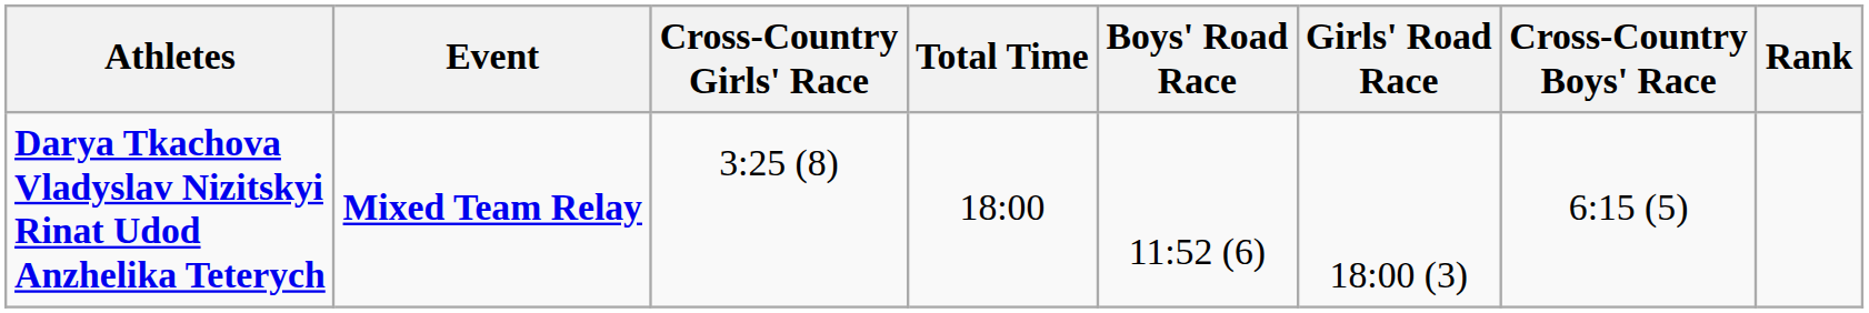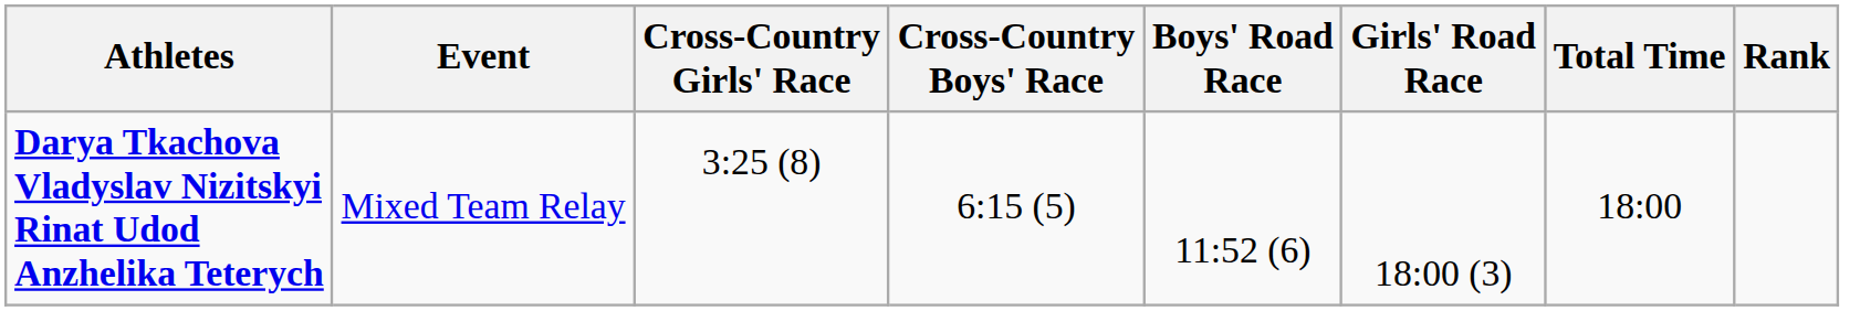 <table class="wikitable" style="font-size:90%;">
 <tr>
 <th>Athletes</th>
 <th>Event</th>
 <th>Cross-Country<br>Girls' Race</th>
-<th>Total Time</th>
+<th>Cross-Country<br>Boys' Race</th>
 <th>Boys' Road<br>Race</th>
 <th>Girls' Road<br>Race</th>
-<th>Cross-Country<br>Boys' Race</th>
+<th>Total Time</th>
 <th>Rank</th>
 </tr>
 <tr align=center>
 <td align=left><strong><a href='#'>Darya Tkachova</a><br><a href='#'>Vladyslav Nizitskyi</a><br><a href='#'>Rinat Udod</a><br><a href='#'>Anzhelika Teterych</a></strong></td>
-<td align=left><strong><a href='#'>Mixed Team Relay</a></strong></td>
+<td align=left><a href='#'>Mixed Team Relay</a></td>
 <td>3:25 (8)<br><br><br></td>
-<td>18:00</td>
+<td><br>6:15 (5)<br><br></td>
 <td><br><br>11:52 (6)<br></td>
 <td><br><br><br>18:00 (3)</td>
-<td><br>6:15 (5)<br><br></td>
+<td>18:00</td>
 <td></td>
 </tr>
 </table>
